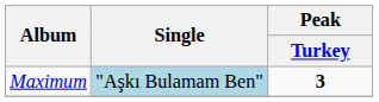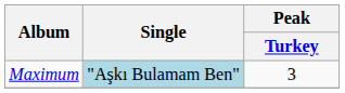 <table class="wikitable">
 <tr>
 <th rowspan="2">Album</th>
 <th rowspan="2">Single</th>
 <th>Peak</th>
 </tr>
 <tr>
 <th width="80"><a href='#'>Turkey</a></th>
 </tr>
 <tr>
 <td align="center"><em><a href='#'>Maximum</a></em></td>
 <td align="left" style="background: lightblue;">"Aşkı Bulamam Ben"</td>
-<td align="center"><strong>3</strong></td>
+<td align="center">3</td>
 </tr>
 <tr>
 </tr>
 </table>
